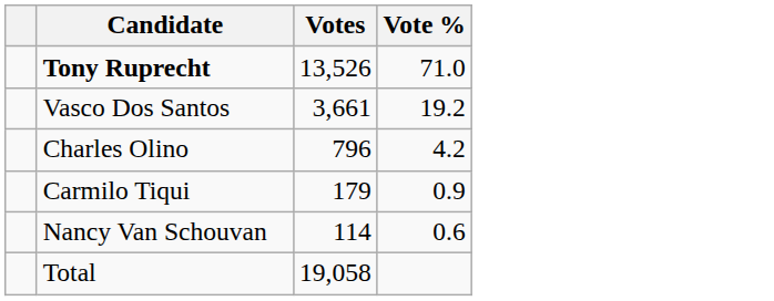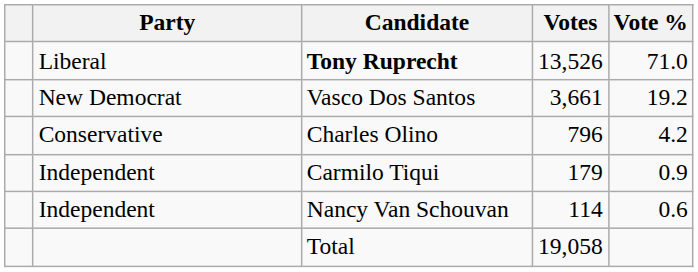 <table class="wikitable">
 <tr>
 <th></th>
+<th scope="col" width="175">Party</th>
 <th scope="col" width="150">Candidate</th>
 <th>Votes</th>
 <th>Vote %</th>
 </tr>
 <tr>
 <td>   </td>
+<td>Liberal</td>
 <td><strong>Tony Ruprecht</strong></td>
 <td align=right>13,526</td>
 <td align=right>71.0</td>
 </tr>
 <tr>
 <td>   </td>
+<td>New Democrat</td>
 <td>Vasco Dos Santos</td>
 <td align=right>3,661</td>
 <td align=right>19.2</td>
 </tr>
 <tr |>
 <td>   </td>
+<td>Conservative</td>
 <td>Charles Olino</td>
 <td align=right>796</td>
 <td align=right>4.2<br>  </td>
 </tr>
 <tr |>
 <td>   </td>
+<td>Independent</td>
 <td>Carmilo Tiqui</td>
 <td align=right>179</td>
 <td align=right>0.9</td>
 </tr>
 <tr |>
 <td>   </td>
+<td>Independent</td>
 <td>Nancy Van Schouvan</td>
 <td align=right>114</td>
 <td align=right>0.6</td>
 </tr>
 <tr |>
 <td></td>
+<td></td>
 <td>Total</td>
 <td align=right>19,058</td>
 <td></td>
 </tr>
 </table>
